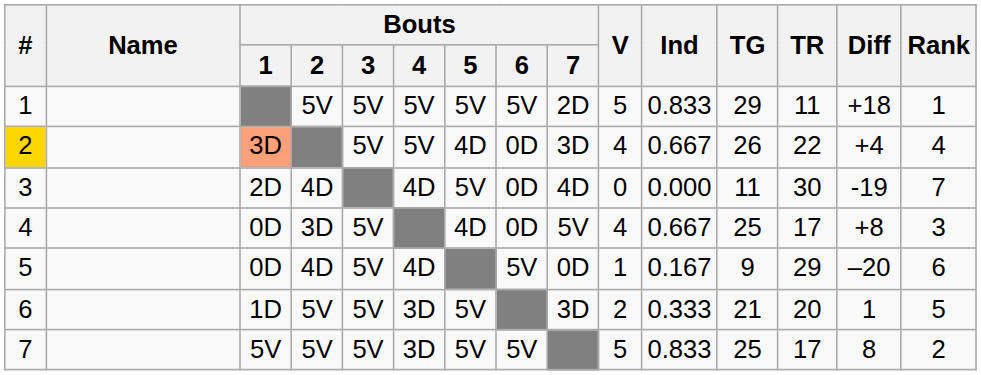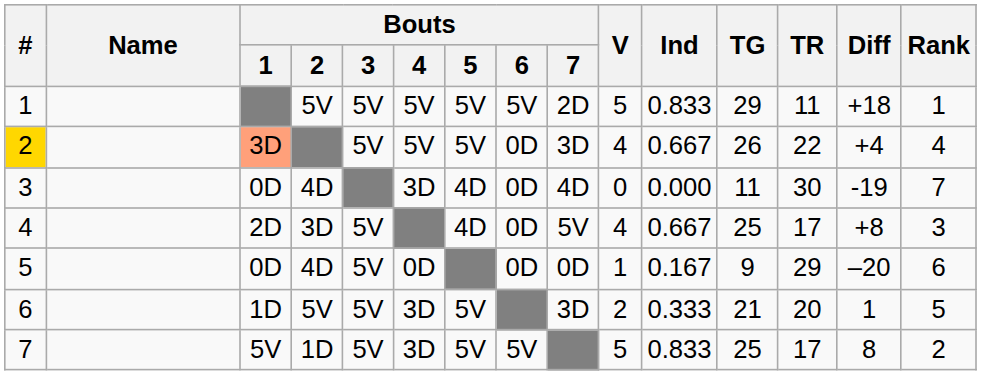 <table class="wikitable" style="text-align:center;">
 <tr>
 <th rowspan=2 width=30>#</th>
 <th rowspan=2 width=200>Name</th>
 <th colspan=7>Bouts</th>
 <th rowspan=2 width=30>V</th>
 <th rowspan=2 width=40>Ind</th>
 <th rowspan=2 width=40>TG</th>
 <th rowspan=2 width=40>TR</th>
 <th rowspan=2 width=40>Diff</th>
 <th rowspan=2 width=30>Rank</th>
 </tr>
 <tr>
 <th width=30>1</th>
 <th width=30>2</th>
 <th width=30>3</th>
 <th width=30>4</th>
 <th width=30>5</th>
 <th width=30>6</th>
 <th width=30>7</th>
 </tr>
 <tr>
 <td>1</td>
 <td align=left></td>
 <td bgcolor=grey></td>
 <td>5V</td>
 <td>5V</td>
 <td>5V</td>
 <td>5V</td>
 <td>5V</td>
 <td>2D</td>
 <td>5</td>
 <td>0.833</td>
 <td>29</td>
 <td>11</td>
 <td>+18</td>
 <td>1</td>
 </tr>
 <tr>
 <td style="background: gold;">2</td>
 <td align=left></td>
 <td style="background: lightsalmon;">3D</td>
 <td bgcolor=grey></td>
 <td>5V</td>
 <td>5V</td>
-<td>4D</td>
+<td>5V</td>
 <td>0D</td>
 <td>3D</td>
 <td>4</td>
 <td>0.667</td>
 <td>26</td>
 <td>22</td>
 <td>+4</td>
 <td>4</td>
 </tr>
 <tr>
 <td>3</td>
 <td align=left></td>
-<td>2D</td>
+<td>0D</td>
 <td>4D</td>
 <td bgcolor=grey></td>
+<td>3D</td>
 <td>4D</td>
-<td>5V</td>
 <td>0D</td>
 <td>4D</td>
 <td>0</td>
 <td>0.000</td>
 <td>11</td>
 <td>30</td>
 <td>-19</td>
 <td>7</td>
 </tr>
 <tr>
 <td>4</td>
 <td align=left></td>
-<td>0D</td>
+<td>2D</td>
 <td>3D</td>
 <td>5V</td>
 <td bgcolor=grey></td>
 <td>4D</td>
 <td>0D</td>
 <td>5V</td>
 <td>4</td>
 <td>0.667</td>
 <td>25</td>
 <td>17</td>
 <td>+8</td>
 <td>3</td>
 </tr>
 <tr>
 <td>5</td>
 <td align=left></td>
 <td>0D</td>
 <td>4D</td>
 <td>5V</td>
-<td>4D</td>
+<td>0D</td>
 <td bgcolor=grey></td>
-<td>5V</td>
+<td>0D</td>
 <td>0D</td>
 <td>1</td>
 <td>0.167</td>
 <td>9</td>
 <td>29</td>
 <td>–20</td>
 <td>6</td>
 </tr>
 <tr>
 <td>6</td>
 <td align=left></td>
 <td>1D</td>
 <td>5V</td>
 <td>5V</td>
 <td>3D</td>
 <td>5V</td>
 <td bgcolor=grey></td>
 <td>3D</td>
 <td>2</td>
 <td>0.333</td>
 <td>21</td>
 <td>20</td>
 <td>1</td>
 <td>5</td>
 </tr>
 <tr>
 <td>7</td>
 <td align=left></td>
 <td>5V</td>
-<td>5V</td>
+<td>1D</td>
 <td>5V</td>
 <td>3D</td>
 <td>5V</td>
 <td>5V</td>
 <td bgcolor=grey></td>
 <td>5</td>
 <td>0.833</td>
 <td>25</td>
 <td>17</td>
 <td>8</td>
 <td>2</td>
 </tr>
 </table>
